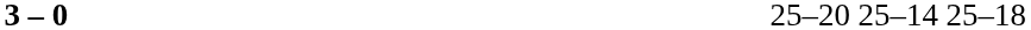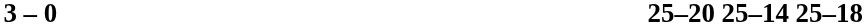 <table width=100% cellspacing=1>
 <tr>
 <th width=20%></th>
 <th width=12%></th>
 <th width=20%></th>
 <th width=33%></th>
 <td></td>
 </tr>
 <tr style=font-size:90%>
 <td align=right><strong></strong></td>
 <td align=center><strong>3 – 0</strong></td>
 <td></td>
-<td>25–20 25–14 25–18</td>
+<td><strong>25–20 25–14 25–18</strong></td>
 </tr>
 </table>
